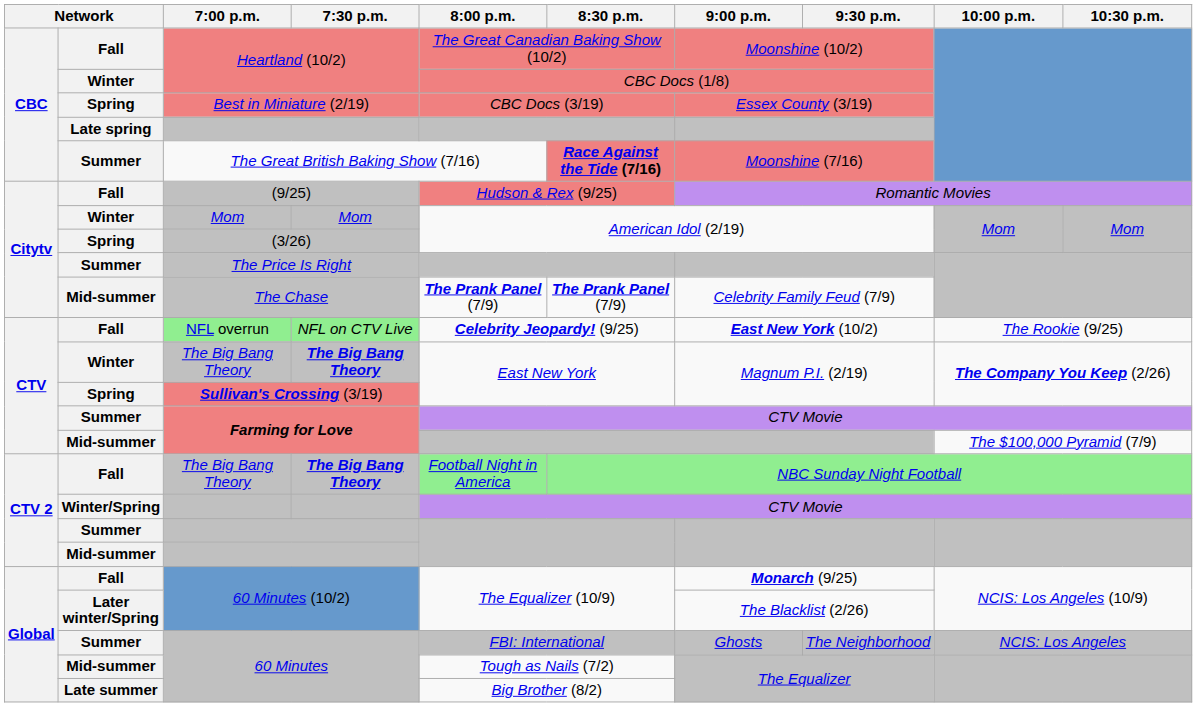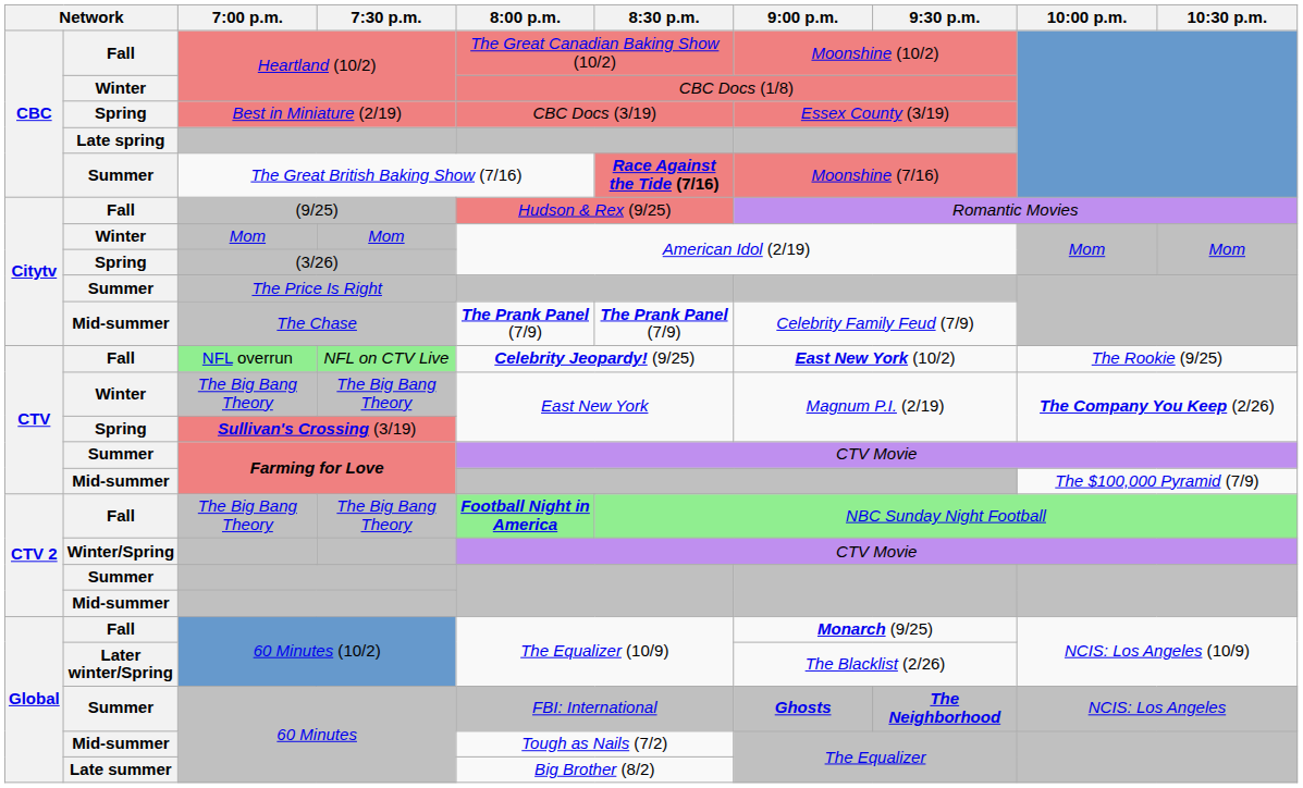 <table class=wikitable style=width:100%;margin-right:0;text-align:center>
 <tr>
 <th style=width:8% colspan=2>Network</th>
 <th style=width:11.5%>7:00 p.m.</th>
 <th style=width:11.5%>7:30 p.m.</th>
 <th style=width:11.5%>8:00 p.m.</th>
 <th style=width:11.5%>8:30 p.m.</th>
 <th style=width:11.5%>9:00 p.m.</th>
 <th style=width:11.5%>9:30 p.m.</th>
 <th style=width:11.5%>10:00 p.m.</th>
 <th style=width:11.5%>10:30 p.m.</th>
 </tr>
 <tr>
 <th rowspan=5><a href='#'>CBC</a></th>
 <th>Fall</th>
 <td colspan=2 rowspan=2 style=background:#F08080><em><a href='#'>Heartland</a></em> (10/2)</td>
 <td colspan=2 style=background:#F08080><em><a href='#'>The Great Canadian Baking Show</a></em> (10/2)</td>
 <td colspan=2 style=background:#F08080><em><a href='#'>Moonshine</a></em> (10/2)</td>
 <td colspan=2 rowspan=5 style=background:#6699CC></td>
 </tr>
 <tr>
 <th>Winter</th>
 <td colspan=4 style=background:#F08080><em>CBC Docs</em> (1/8)</td>
 </tr>
 <tr>
 <th>Spring</th>
 <td colspan=2 style=background:#F08080><em><a href='#'>Best in Miniature</a></em> (2/19)</td>
 <td colspan=2 style=background:#F08080><em>CBC Docs</em> (3/19)</td>
 <td colspan=2 style=background:#F08080><em><a href='#'>Essex County</a></em> (3/19)</td>
 </tr>
 <tr>
 <th>Late spring</th>
 <td colspan=2 style=background:#C0C0C0> </td>
 <td colspan=2 style=background:#C0C0C0> </td>
 <td colspan=2 style=background:#C0C0C0> </td>
 </tr>
 <tr>
 <th>Summer</th>
 <td colspan=3><em><a href='#'>The Great British Baking Show</a></em> (7/16)</td>
 <td style=background:#F08080><strong><em><a href='#'>Race Against the Tide</a></em> (7/16)</strong></td>
 <td colspan=2 style=background:#F08080><em><a href='#'>Moonshine</a></em> (7/16)</td>
 </tr>
 <tr>
 <th rowspan=5><a href='#'>Citytv</a></th>
 <th>Fall</th>
 <td colspan=2 style=background:#C0C0C0>  (9/25)</td>
 <td colspan=2 style=background:#F08080><em><a href='#'>Hudson & Rex</a></em> (9/25)</td>
 <td style=background:#BF8FEF colspan=4><em>Romantic Movies</em></td>
 </tr>
 <tr>
 <th>Winter</th>
 <td style=background:#C0C0C0><em><a href='#'>Mom</a></em> </td>
 <td style=background:#C0C0C0><em><a href='#'>Mom</a></em> </td>
 <td colspan=4 rowspan=2><em><a href='#'>American Idol</a></em> (2/19)</td>
 <td style=background:#C0C0C0 rowspan=2><em><a href='#'>Mom</a></em> </td>
 <td style=background:#C0C0C0 rowspan=2><em><a href='#'>Mom</a></em> </td>
 </tr>
 <tr>
 <th>Spring</th>
 <td colspan=2 style=background:#C0C0C0>  (3/26)</td>
 </tr>
 <tr>
 <th>Summer</th>
 <td colspan=2 style=background:#C0C0C0><em><a href='#'>The Price Is Right</a></em> </td>
 <td colspan=2 style=background:#C0C0C0> </td>
 <td colspan=2 style=background:#C0C0C0> </td>
 <td colspan=2 rowspan=2 style=background:#C0C0C0> </td>
 </tr>
 <tr>
 <th>Mid-summer</th>
 <td colspan=2 style=background:#C0C0C0><em><a href='#'>The Chase</a></em> </td>
 <td><strong><em><a href='#'>The Prank Panel</a></em></strong> (7/9)</td>
 <td><strong><em><a href='#'>The Prank Panel</a></em></strong> (7/9)</td>
 <td colspan=2><em><a href='#'>Celebrity Family Feud</a></em> (7/9)</td>
 </tr>
 <tr>
 <th rowspan=5><a href='#'>CTV</a></th>
 <th>Fall</th>
 <td style=background:lightgreen><a href='#'>NFL</a> overrun </td>
 <td style=background:lightgreen><em>NFL on CTV Live</em></td>
 <td colspan=2><strong><em><a href='#'>Celebrity Jeopardy!</a></em></strong> (9/25)</td>
 <td colspan=2><strong><em><a href='#'>East New York</a></em></strong> (10/2)</td>
 <td colspan=2><em><a href='#'>The Rookie</a></em> (9/25)</td>
 </tr>
 <tr>
 <th>Winter</th>
 <td style=background:#C0C0C0><em><a href='#'>The Big Bang Theory</a></em> </td>
-<td style=background:#C0C0C0><strong><em><a href='#'>The Big Bang Theory</a></em> </strong></td>
+<td style=background:#C0C0C0><em><a href='#'>The Big Bang Theory</a></em> </td>
 <td colspan=2 rowspan=2><em><a href='#'>East New York</a></em></td>
 <td colspan=2 rowspan=2><em><a href='#'>Magnum P.I.</a></em> (2/19)</td>
 <td colspan=2 rowspan=2><strong><em><a href='#'>The Company You Keep</a></em></strong> (2/26)</td>
 </tr>
 <tr>
 <th>Spring</th>
 <td colspan=2 style=background:#F08080><strong><em><a href='#'>Sullivan's Crossing</a></em></strong> (3/19)</td>
 </tr>
 <tr>
 <th>Summer</th>
 <td colspan=2 rowspan=2 style=background:#F08080><strong><em>Farming for Love</em></strong></td>
 <td style=background:#BF8FEF colspan=6><em>CTV Movie</em></td>
 </tr>
 <tr>
 <th>Mid-summer</th>
 <td colspan=4 style=background:#C0C0C0> </td>
 <td colspan=2><em><a href='#'>The $100,000 Pyramid</a></em> (7/9)</td>
 </tr>
 <tr>
 <th rowspan=4><a href='#'>CTV 2</a></th>
 <th>Fall</th>
 <td style=background:#C0C0C0><em><a href='#'>The Big Bang Theory</a></em> </td>
-<td style=background:#C0C0C0><strong><em><a href='#'>The Big Bang Theory</a></em> </strong></td>
-<td style=background:lightgreen><em><a href='#'>Football Night in America</a></em></td>
+<td style=background:#C0C0C0><em><a href='#'>The Big Bang Theory</a></em> </td>
+<td style=background:lightgreen><strong><em><a href='#'>Football Night in America</a></em></strong></td>
 <td colspan=5 style=background:lightgreen><em><a href='#'>NBC Sunday Night Football</a></em></td>
 </tr>
 <tr>
 <th>Winter/Spring</th>
 <td style=background:#C0C0C0> </td>
 <td style=background:#C0C0C0> </td>
 <td style=background:#BF8FEF colspan=6><em>CTV Movie</em></td>
 </tr>
 <tr>
 <th>Summer</th>
 <td colspan=2 style=background:#C0C0C0> </td>
 <td colspan=2 style=background:#C0C0C0 rowspan=2> </td>
 <td colspan=2 style=background:#C0C0C0 rowspan=2> </td>
 <td colspan=2 style=background:#C0C0C0 rowspan=2> </td>
 </tr>
 <tr>
 <th>Mid-summer</th>
 <td colspan=2 style=background:#C0C0C0> </td>
 </tr>
 <tr>
 <th rowspan=5><a href='#'>Global</a></th>
 <th>Fall</th>
 <td style=background:#6699CC colspan=2 rowspan=2><em><a href='#'>60 Minutes</a></em> (10/2)</td>
 <td colspan=2 rowspan=2><em><a href='#'>The Equalizer</a></em> (10/9)</td>
 <td colspan=2><strong><em><a href='#'>Monarch</a></em></strong> (9/25)</td>
 <td colspan=2 rowspan=2><em><a href='#'>NCIS: Los Angeles</a></em> (10/9)</td>
 </tr>
 <tr>
 <th>Later winter/Spring</th>
 <td colspan=2><em><a href='#'>The Blacklist</a></em> (2/26)</td>
 </tr>
 <tr>
 <th>Summer</th>
 <td style=background:#C0C0C0 colspan=2 rowspan=3><em><a href='#'>60 Minutes</a></em> </td>
 <td style=background:#C0C0C0 colspan=2><em><a href='#'>FBI: International</a></em> </td>
-<td style=background:#C0C0C0><em><a href='#'>Ghosts</a></em> </td>
-<td style=background:#C0C0C0><em><a href='#'>The Neighborhood</a></em> </td>
+<td style=background:#C0C0C0><strong><em><a href='#'>Ghosts</a></em> </strong></td>
+<td style=background:#C0C0C0><strong><em><a href='#'>The Neighborhood</a></em> </strong></td>
 <td style=background:#C0C0C0 colspan=2><em><a href='#'>NCIS: Los Angeles</a></em> </td>
 </tr>
 <tr>
 <th>Mid-summer</th>
 <td colspan=2><em><a href='#'>Tough as Nails</a></em> (7/2)</td>
 <td style=background:#C0C0C0 colspan=2 rowspan=2><em><a href='#'>The Equalizer</a></em> </td>
 <td style=background:#C0C0C0 colspan=2 rowspan=2> </td>
 </tr>
 <tr>
 <th>Late summer</th>
 <td colspan=2><em><a href='#'>Big Brother</a></em> (8/2)</td>
 </tr>
 </table>
